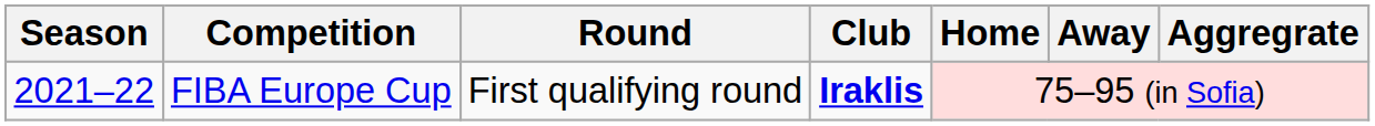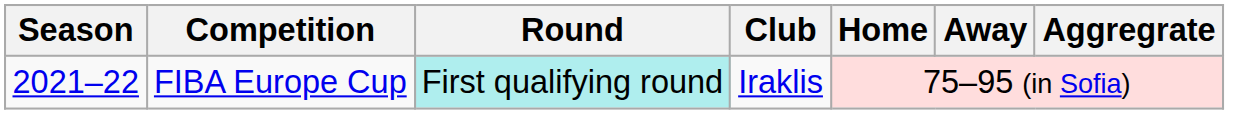 <table class="wikitable" style="text-align:center;">
 <tr>
 <th>Season</th>
 <th>Competition</th>
 <th>Round</th>
 <th>Club</th>
 <th>Home</th>
 <th>Away</th>
 <th>Aggregrate</th>
 </tr>
 <tr>
 <td><a href='#'>2021–22</a></td>
 <td><a href='#'>FIBA Europe Cup</a></td>
-<td>First qualifying round</td>
-<td align="left"><strong> <a href='#'>Iraklis</a></strong></td>
+<td style="background: paleturquoise;">First qualifying round</td>
+<td align="left"> <a href='#'>Iraklis</a></td>
 <td colspan=3 bgcolor="#fdd">75–95 <small>(in <a href='#'>Sofia</a>)</small></td>
 </tr>
 </table>
